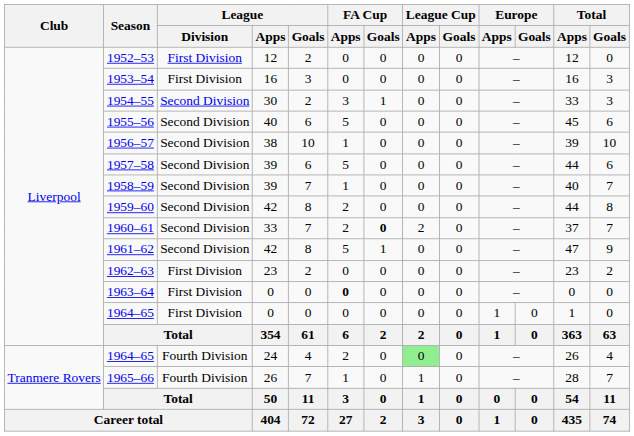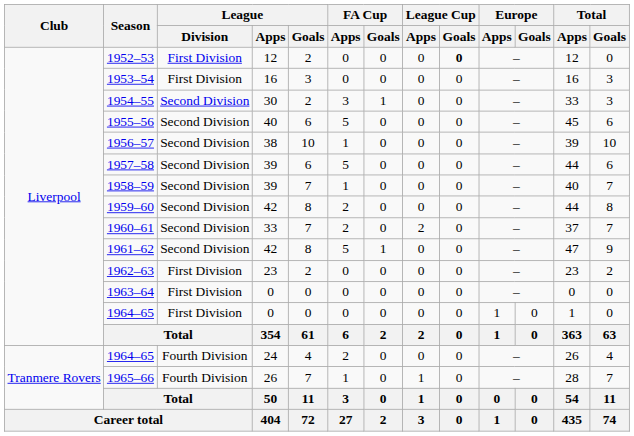 <table class="wikitable" style="text-align:center">
 <tr>
 <th rowspan="2">Club</th>
 <th rowspan="2">Season</th>
 <th colspan="3">League</th>
 <th colspan="2">FA Cup</th>
 <th colspan="2">League Cup</th>
 <th colspan="2">Europe</th>
 <th colspan="2">Total</th>
 </tr>
 <tr>
 <th>Division</th>
 <th>Apps</th>
 <th>Goals</th>
 <th>Apps</th>
 <th>Goals</th>
 <th>Apps</th>
 <th>Goals</th>
 <th>Apps</th>
 <th>Goals</th>
 <th>Apps</th>
 <th>Goals</th>
 </tr>
 <tr>
 <td rowspan="14"><a href='#'>Liverpool</a></td>
 <td><a href='#'>1952–53</a></td>
 <td><a href='#'>First Division</a></td>
 <td>12</td>
 <td>2</td>
 <td>0</td>
 <td>0</td>
 <td>0</td>
-<td>0</td>
+<td><strong>0</strong></td>
 <td colspan="2">–</td>
 <td>12</td>
 <td>0</td>
 </tr>
 <tr>
 <td><a href='#'>1953–54</a></td>
 <td>First Division</td>
 <td>16</td>
 <td>3</td>
 <td>0</td>
 <td>0</td>
 <td>0</td>
 <td>0</td>
 <td colspan="2">–</td>
 <td>16</td>
 <td>3</td>
 </tr>
 <tr>
 <td><a href='#'>1954–55</a></td>
 <td><a href='#'>Second Division</a></td>
 <td>30</td>
 <td>2</td>
 <td>3</td>
 <td>1</td>
 <td>0</td>
 <td>0</td>
 <td colspan="2">–</td>
 <td>33</td>
 <td>3</td>
 </tr>
 <tr>
 <td><a href='#'>1955–56</a></td>
 <td>Second Division</td>
 <td>40</td>
 <td>6</td>
 <td>5</td>
 <td>0</td>
 <td>0</td>
 <td>0</td>
 <td colspan="2">–</td>
 <td>45</td>
 <td>6</td>
 </tr>
 <tr>
 <td><a href='#'>1956–57</a></td>
 <td>Second Division</td>
 <td>38</td>
 <td>10</td>
 <td>1</td>
 <td>0</td>
 <td>0</td>
 <td>0</td>
 <td colspan="2">–</td>
 <td>39</td>
 <td>10</td>
 </tr>
 <tr>
 <td><a href='#'>1957–58</a></td>
 <td>Second Division</td>
 <td>39</td>
 <td>6</td>
 <td>5</td>
 <td>0</td>
 <td>0</td>
 <td>0</td>
 <td colspan="2">–</td>
 <td>44</td>
 <td>6</td>
 </tr>
 <tr>
 <td><a href='#'>1958–59</a></td>
 <td>Second Division</td>
 <td>39</td>
 <td>7</td>
 <td>1</td>
 <td>0</td>
 <td>0</td>
 <td>0</td>
 <td colspan="2">–</td>
 <td>40</td>
 <td>7</td>
 </tr>
 <tr>
 <td><a href='#'>1959–60</a></td>
 <td>Second Division</td>
 <td>42</td>
 <td>8</td>
 <td>2</td>
 <td>0</td>
 <td>0</td>
 <td>0</td>
 <td colspan="2">–</td>
 <td>44</td>
 <td>8</td>
 </tr>
 <tr>
 <td><a href='#'>1960–61</a></td>
 <td>Second Division</td>
 <td>33</td>
 <td>7</td>
 <td>2</td>
-<td><strong>0</strong></td>
+<td>0</td>
 <td>2</td>
 <td>0</td>
 <td colspan="2">–</td>
 <td>37</td>
 <td>7</td>
 </tr>
 <tr>
 <td><a href='#'>1961–62</a></td>
 <td>Second Division</td>
 <td>42</td>
 <td>8</td>
 <td>5</td>
 <td>1</td>
 <td>0</td>
 <td>0</td>
 <td colspan="2">–</td>
 <td>47</td>
 <td>9</td>
 </tr>
 <tr>
 <td><a href='#'>1962–63</a></td>
 <td>First Division</td>
 <td>23</td>
 <td>2</td>
 <td>0</td>
 <td>0</td>
 <td>0</td>
 <td>0</td>
 <td colspan="2">–</td>
 <td>23</td>
 <td>2</td>
 </tr>
 <tr>
 <td><a href='#'>1963–64</a></td>
 <td>First Division</td>
 <td>0</td>
 <td>0</td>
-<td><strong>0</strong></td>
+<td>0</td>
 <td>0</td>
 <td>0</td>
 <td>0</td>
 <td colspan="2">–</td>
 <td>0</td>
 <td>0</td>
 </tr>
 <tr>
 <td><a href='#'>1964–65</a></td>
 <td>First Division</td>
 <td>0</td>
 <td>0</td>
 <td>0</td>
 <td>0</td>
 <td>0</td>
 <td>0</td>
 <td>1</td>
 <td>0</td>
 <td>1</td>
 <td>0</td>
 </tr>
 <tr>
 <th colspan="2">Total</th>
 <th>354</th>
 <th>61</th>
 <th>6</th>
 <th>2</th>
 <th>2</th>
 <th>0</th>
 <th>1</th>
 <th>0</th>
 <th>363</th>
 <th>63</th>
 </tr>
 <tr>
 <td rowspan="3"><a href='#'>Tranmere Rovers</a></td>
 <td><a href='#'>1964–65</a></td>
 <td>Fourth Division</td>
 <td>24</td>
 <td>4</td>
 <td>2</td>
 <td>0</td>
-<td style="background: lightgreen;">0</td>
+<td>0</td>
 <td>0</td>
 <td colspan="2">–</td>
 <td>26</td>
 <td>4</td>
 </tr>
 <tr>
 <td><a href='#'>1965–66</a></td>
 <td>Fourth Division</td>
 <td>26</td>
 <td>7</td>
 <td>1</td>
 <td>0</td>
 <td>1</td>
 <td>0</td>
 <td colspan="2">–</td>
 <td>28</td>
 <td>7</td>
 </tr>
 <tr>
 <th colspan="2">Total</th>
 <th>50</th>
 <th>11</th>
 <th>3</th>
 <th>0</th>
 <th>1</th>
 <th>0</th>
 <th>0</th>
 <th>0</th>
 <th>54</th>
 <th>11</th>
 </tr>
 <tr>
 <th colspan="3">Career total</th>
 <th>404</th>
 <th>72</th>
 <th>27</th>
 <th>2</th>
 <th>3</th>
 <th>0</th>
 <th>1</th>
 <th>0</th>
 <th>435</th>
 <th>74</th>
 </tr>
 </table>
